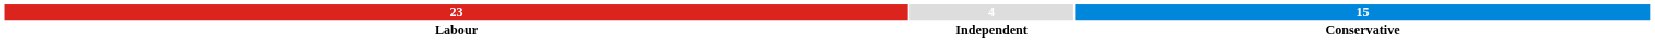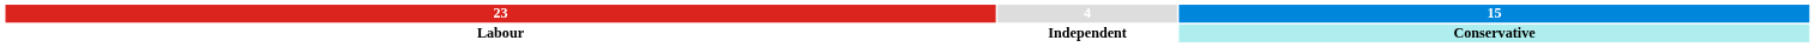 <table style="width:100%; text-align:center;">
 <tr style="color:white;">
 </tr>
 <tr style="color:white;">
 <td style="background:#dc241f; width:55%"><strong>23</strong></td>
 <td style="background:#dddddd; width:10%"><strong>4</strong></td>
 <td style="background:#0087dc; width:35%;"><strong>15</strong></td>
 </tr>
 <tr>
 <td><span><strong>Labour</strong></span></td>
 <td><span><strong>Independent</strong></span></td>
-<td><span><strong>Conservative</strong></span></td>
+<td style="background: paleturquoise;"><span><strong>Conservative</strong></span></td>
 </tr>
 </table>
